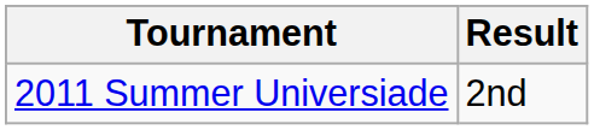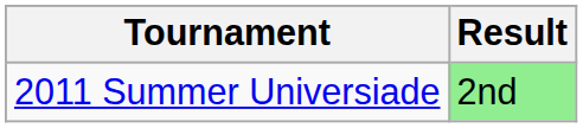 <table class="wikitable" border="1">
 <tr>
 <th>Tournament</th>
 <th>Result</th>
 </tr>
 <tr>
 <td><a href='#'>2011 Summer Universiade</a></td>
-<td>2nd </td>
+<td style="background: lightgreen;">2nd </td>
 </tr>
 </table>
